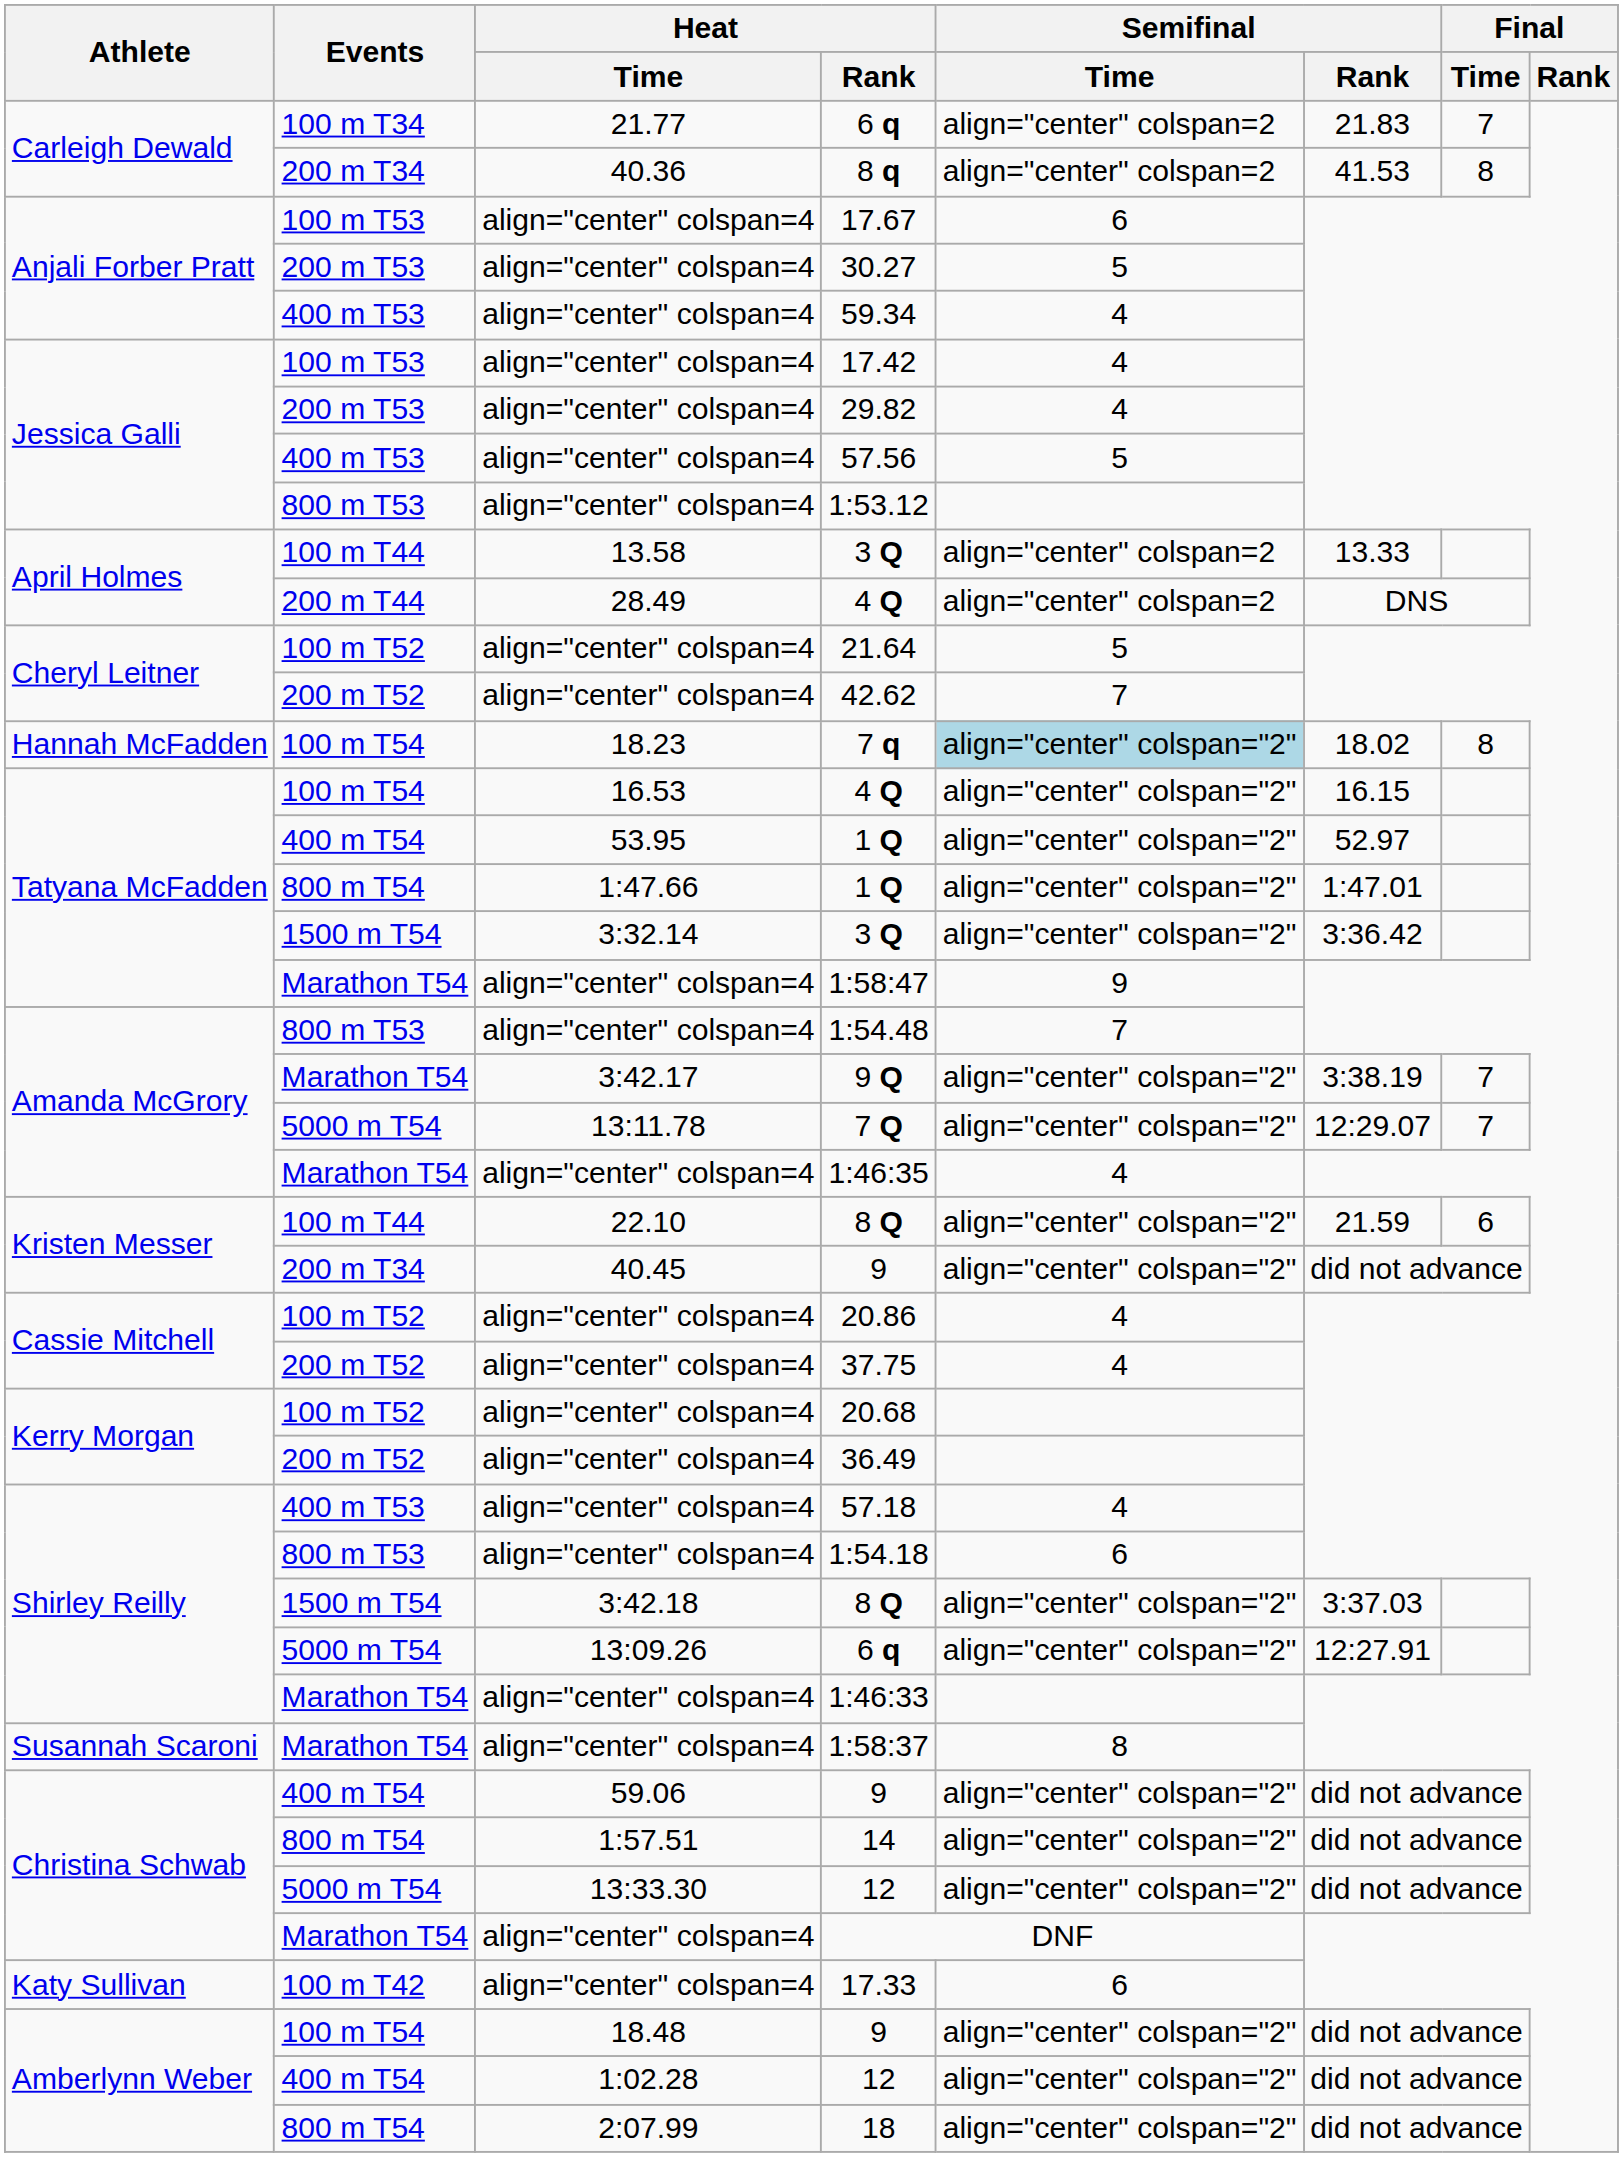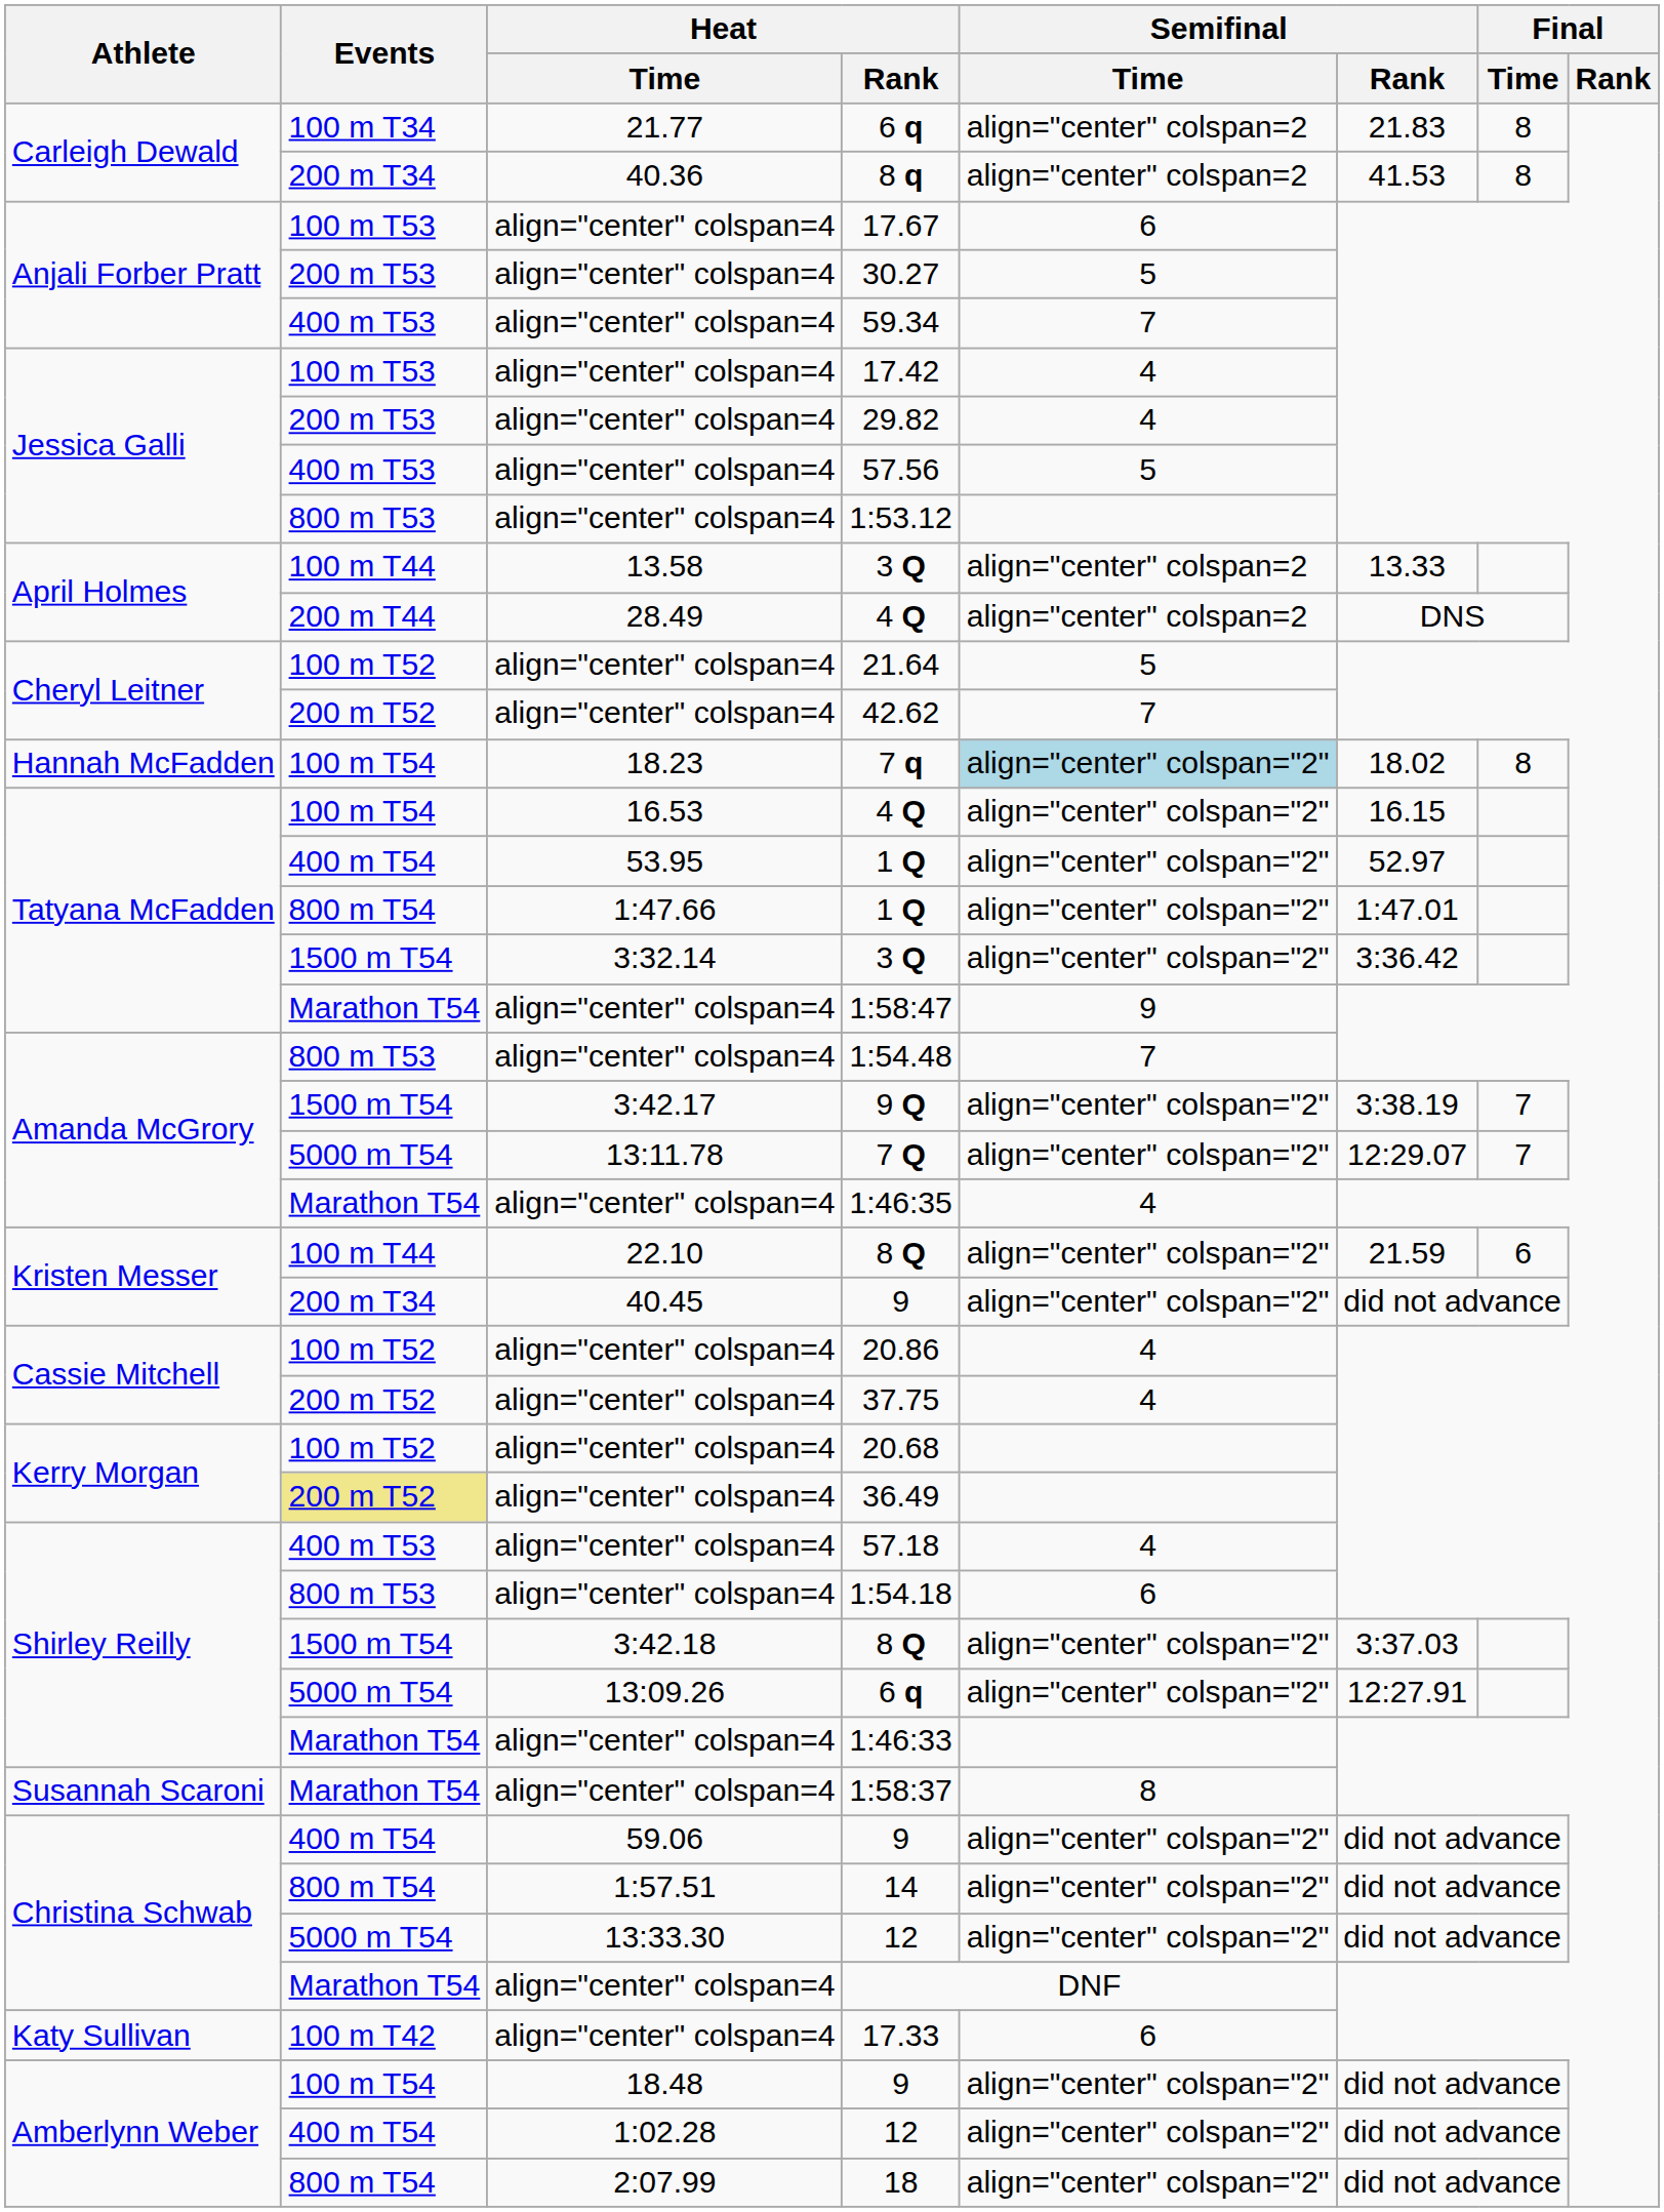 <table class=wikitable>
 <tr>
 <th rowspan="2">Athlete</th>
 <th rowspan="2">Events</th>
 <th colspan="2">Heat</th>
 <th colspan="2">Semifinal</th>
 <th colspan="2">Final</th>
 </tr>
 <tr>
 <th>Time</th>
 <th>Rank</th>
 <th>Time</th>
 <th>Rank</th>
 <th>Time</th>
 <th>Rank</th>
 </tr>
 <tr>
 <td rowspan=2><a href='#'>Carleigh Dewald</a></td>
 <td><a href='#'>100 m T34</a></td>
 <td style="text-align:center;">21.77</td>
 <td style="text-align:center;">6 <strong>q</strong></td>
 <td>align="center" colspan=2 </td>
 <td style="text-align:center;">21.83</td>
-<td style="text-align:center;">7</td>
+<td style="text-align:center;">8</td>
 </tr>
 <tr>
 <td><a href='#'>200 m T34</a></td>
 <td style="text-align:center;">40.36</td>
 <td style="text-align:center;">8 <strong>q</strong></td>
 <td>align="center" colspan=2 </td>
 <td style="text-align:center;">41.53</td>
 <td style="text-align:center;">8</td>
 </tr>
 <tr>
 <td rowspan=3><a href='#'>Anjali Forber Pratt</a></td>
 <td><a href='#'>100 m T53</a></td>
 <td>align="center" colspan=4 </td>
 <td style="text-align:center;">17.67</td>
 <td style="text-align:center;">6</td>
 </tr>
 <tr>
 <td><a href='#'>200 m T53</a></td>
 <td>align="center" colspan=4 </td>
 <td style="text-align:center;">30.27</td>
 <td style="text-align:center;">5</td>
 </tr>
 <tr>
 <td><a href='#'>400 m T53</a></td>
 <td>align="center" colspan=4 </td>
 <td style="text-align:center;">59.34</td>
-<td style="text-align:center;">4</td>
+<td style="text-align:center;">7</td>
 </tr>
 <tr>
 <td rowspan=4><a href='#'>Jessica Galli</a></td>
 <td><a href='#'>100 m T53</a></td>
 <td>align="center" colspan=4 </td>
 <td style="text-align:center;">17.42</td>
 <td style="text-align:center;">4</td>
 </tr>
 <tr>
 <td><a href='#'>200 m T53</a></td>
 <td>align="center" colspan=4 </td>
 <td style="text-align:center;">29.82</td>
 <td style="text-align:center;">4</td>
 </tr>
 <tr>
 <td><a href='#'>400 m T53</a></td>
 <td>align="center" colspan=4 </td>
 <td style="text-align:center;">57.56</td>
 <td style="text-align:center;">5</td>
 </tr>
 <tr>
 <td><a href='#'>800 m T53</a></td>
 <td>align="center" colspan=4 </td>
 <td style="text-align:center;">1:53.12</td>
 <td style="text-align:center;"></td>
 </tr>
 <tr>
 <td rowspan=2><a href='#'>April Holmes</a></td>
 <td><a href='#'>100 m T44</a></td>
 <td style="text-align:center;">13.58</td>
 <td style="text-align:center;">3 <strong>Q</strong></td>
 <td>align="center" colspan=2 </td>
 <td style="text-align:center;">13.33</td>
 <td style="text-align:center;"></td>
 </tr>
 <tr>
 <td><a href='#'>200 m T44</a></td>
 <td style="text-align:center;">28.49</td>
 <td style="text-align:center;">4 <strong>Q</strong></td>
 <td>align="center" colspan=2 </td>
 <td style="text-align:center;" colspan="2">DNS</td>
 </tr>
 <tr>
 <td rowspan=2><a href='#'>Cheryl Leitner</a></td>
 <td><a href='#'>100 m T52</a></td>
 <td>align="center" colspan=4 </td>
 <td style="text-align:center;">21.64</td>
 <td style="text-align:center;">5</td>
 </tr>
 <tr>
 <td><a href='#'>200 m T52</a></td>
 <td>align="center" colspan=4 </td>
 <td style="text-align:center;">42.62</td>
 <td style="text-align:center;">7</td>
 </tr>
 <tr>
 <td><a href='#'>Hannah McFadden</a></td>
 <td><a href='#'>100 m T54</a></td>
 <td style="text-align:center;">18.23</td>
 <td style="text-align:center;">7 <strong>q</strong></td>
 <td style="background: lightblue;">align="center" colspan="2" </td>
 <td style="text-align:center;">18.02</td>
 <td style="text-align:center;">8</td>
 </tr>
 <tr>
 <td rowspan=5><a href='#'>Tatyana McFadden</a></td>
 <td><a href='#'>100 m T54</a></td>
 <td style="text-align:center;">16.53</td>
 <td style="text-align:center;">4 <strong>Q</strong></td>
 <td>align="center" colspan="2" </td>
 <td style="text-align:center;">16.15</td>
 <td style="text-align:center;"></td>
 </tr>
 <tr>
 <td><a href='#'>400 m T54</a></td>
 <td style="text-align:center;">53.95</td>
 <td style="text-align:center;">1 <strong>Q</strong></td>
 <td>align="center" colspan="2" </td>
 <td style="text-align:center;">52.97</td>
 <td style="text-align:center;"></td>
 </tr>
 <tr>
 <td><a href='#'>800 m T54</a></td>
 <td style="text-align:center;">1:47.66</td>
 <td style="text-align:center;">1 <strong>Q</strong></td>
 <td>align="center" colspan="2" </td>
 <td style="text-align:center;">1:47.01</td>
 <td style="text-align:center;"></td>
 </tr>
 <tr>
 <td><a href='#'>1500 m T54</a></td>
 <td style="text-align:center;">3:32.14</td>
 <td style="text-align:center;">3 <strong>Q</strong></td>
 <td>align="center" colspan="2" </td>
 <td style="text-align:center;">3:36.42</td>
 <td style="text-align:center;"></td>
 </tr>
 <tr>
 <td><a href='#'>Marathon T54</a></td>
 <td>align="center" colspan=4 </td>
 <td style="text-align:center;">1:58:47</td>
 <td style="text-align:center;">9</td>
 </tr>
 <tr>
 <td rowspan=4><a href='#'>Amanda McGrory</a></td>
 <td><a href='#'>800 m T53</a></td>
 <td>align="center" colspan=4 </td>
 <td style="text-align:center;">1:54.48</td>
 <td style="text-align:center;">7</td>
 </tr>
 <tr>
-<td><a href='#'>Marathon T54</a></td>
+<td><a href='#'>1500 m T54</a></td>
 <td style="text-align:center;">3:42.17</td>
 <td style="text-align:center;">9 <strong>Q</strong></td>
 <td>align="center" colspan="2" </td>
 <td style="text-align:center;">3:38.19</td>
 <td style="text-align:center;">7</td>
 </tr>
 <tr>
 <td><a href='#'>5000 m T54</a></td>
 <td style="text-align:center;">13:11.78</td>
 <td style="text-align:center;">7 <strong>Q</strong></td>
 <td>align="center" colspan="2" </td>
 <td style="text-align:center;">12:29.07</td>
 <td style="text-align:center;">7</td>
 </tr>
 <tr>
 <td><a href='#'>Marathon T54</a></td>
 <td>align="center" colspan=4 </td>
 <td style="text-align:center;">1:46:35</td>
 <td style="text-align:center;">4</td>
 </tr>
 <tr>
 <td rowspan=2><a href='#'>Kristen Messer</a></td>
 <td><a href='#'>100 m T44</a></td>
 <td style="text-align:center;">22.10</td>
 <td style="text-align:center;">8 <strong>Q</strong></td>
 <td>align="center" colspan="2" </td>
 <td style="text-align:center;">21.59</td>
 <td style="text-align:center;">6</td>
 </tr>
 <tr>
 <td><a href='#'>200 m T34</a></td>
 <td style="text-align:center;">40.45</td>
 <td style="text-align:center;">9</td>
 <td>align="center" colspan="2" </td>
 <td style="text-align:center;" colspan="2">did not advance</td>
 </tr>
 <tr>
 <td rowspan=2><a href='#'>Cassie Mitchell</a></td>
 <td><a href='#'>100 m T52</a></td>
 <td>align="center" colspan=4 </td>
 <td style="text-align:center;">20.86</td>
 <td style="text-align:center;">4</td>
 </tr>
 <tr>
 <td><a href='#'>200 m T52</a></td>
 <td>align="center" colspan=4 </td>
 <td style="text-align:center;">37.75</td>
 <td style="text-align:center;">4</td>
 </tr>
 <tr>
 <td rowspan=2><a href='#'>Kerry Morgan</a></td>
 <td><a href='#'>100 m T52</a></td>
 <td>align="center" colspan=4 </td>
 <td style="text-align:center;">20.68</td>
 <td style="text-align:center;"></td>
 </tr>
 <tr>
-<td><a href='#'>200 m T52</a></td>
+<td style="background: khaki;"><a href='#'>200 m T52</a></td>
 <td>align="center" colspan=4 </td>
 <td style="text-align:center;">36.49</td>
 <td style="text-align:center;"></td>
 </tr>
 <tr>
 <td rowspan=5><a href='#'>Shirley Reilly</a></td>
 <td><a href='#'>400 m T53</a></td>
 <td>align="center" colspan=4 </td>
 <td style="text-align:center;">57.18</td>
 <td style="text-align:center;">4</td>
 </tr>
 <tr>
 <td><a href='#'>800 m T53</a></td>
 <td>align="center" colspan=4 </td>
 <td style="text-align:center;">1:54.18</td>
 <td style="text-align:center;">6</td>
 </tr>
 <tr>
 <td><a href='#'>1500 m T54</a></td>
 <td style="text-align:center;">3:42.18</td>
 <td style="text-align:center;">8 <strong>Q</strong></td>
 <td>align="center" colspan="2" </td>
 <td style="text-align:center;">3:37.03</td>
 <td style="text-align:center;"></td>
 </tr>
 <tr>
 <td><a href='#'>5000 m T54</a></td>
 <td style="text-align:center;">13:09.26</td>
 <td style="text-align:center;">6 <strong>q</strong></td>
 <td>align="center" colspan="2" </td>
 <td style="text-align:center;">12:27.91</td>
 <td style="text-align:center;"></td>
 </tr>
 <tr>
 <td><a href='#'>Marathon T54</a></td>
 <td>align="center" colspan=4 </td>
 <td style="text-align:center;">1:46:33</td>
 <td style="text-align:center;"></td>
 </tr>
 <tr>
 <td><a href='#'>Susannah Scaroni</a></td>
 <td><a href='#'>Marathon T54</a></td>
 <td>align="center" colspan=4 </td>
 <td style="text-align:center;">1:58:37</td>
 <td style="text-align:center;">8</td>
 </tr>
 <tr>
 <td rowspan=4><a href='#'>Christina Schwab</a></td>
 <td><a href='#'>400 m T54</a></td>
 <td style="text-align:center;">59.06</td>
 <td style="text-align:center;">9</td>
 <td>align="center" colspan="2" </td>
 <td style="text-align:center;" colspan="2">did not advance</td>
 </tr>
 <tr>
 <td><a href='#'>800 m T54</a></td>
 <td style="text-align:center;">1:57.51</td>
 <td style="text-align:center;">14</td>
 <td>align="center" colspan="2" </td>
 <td style="text-align:center;" colspan="2">did not advance</td>
 </tr>
 <tr>
 <td><a href='#'>5000 m T54</a></td>
 <td style="text-align:center;">13:33.30</td>
 <td style="text-align:center;">12</td>
 <td>align="center" colspan="2" </td>
 <td style="text-align:center;" colspan="2">did not advance</td>
 </tr>
 <tr>
 <td><a href='#'>Marathon T54</a></td>
 <td>align="center" colspan=4 </td>
 <td style="text-align:center;" colspan="2">DNF</td>
 </tr>
 <tr>
 <td><a href='#'>Katy Sullivan</a></td>
 <td><a href='#'>100 m T42</a></td>
 <td>align="center" colspan=4 </td>
 <td style="text-align:center;">17.33</td>
 <td style="text-align:center;">6</td>
 </tr>
 <tr>
 <td rowspan=3><a href='#'>Amberlynn Weber</a></td>
 <td><a href='#'>100 m T54</a></td>
 <td style="text-align:center;">18.48</td>
 <td style="text-align:center;">9</td>
 <td>align="center" colspan="2" </td>
 <td style="text-align:center;" colspan="2">did not advance</td>
 </tr>
 <tr>
 <td><a href='#'>400 m T54</a></td>
 <td style="text-align:center;">1:02.28</td>
 <td style="text-align:center;">12</td>
 <td>align="center" colspan="2" </td>
 <td style="text-align:center;" colspan="2">did not advance</td>
 </tr>
 <tr>
 <td><a href='#'>800 m T54</a></td>
 <td style="text-align:center;">2:07.99</td>
 <td style="text-align:center;">18</td>
 <td>align="center" colspan="2" </td>
 <td style="text-align:center;" colspan="2">did not advance</td>
 </tr>
 </table>
